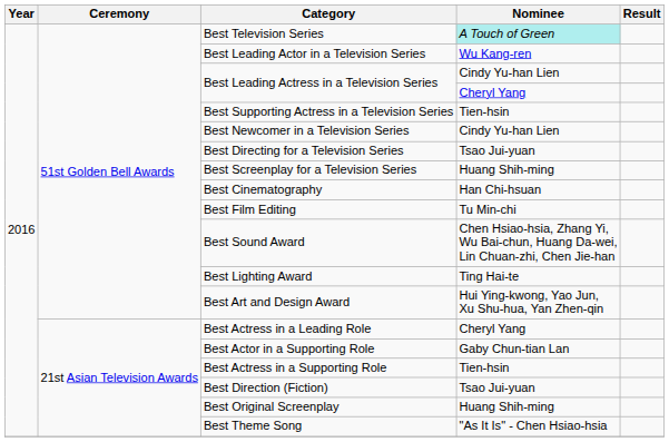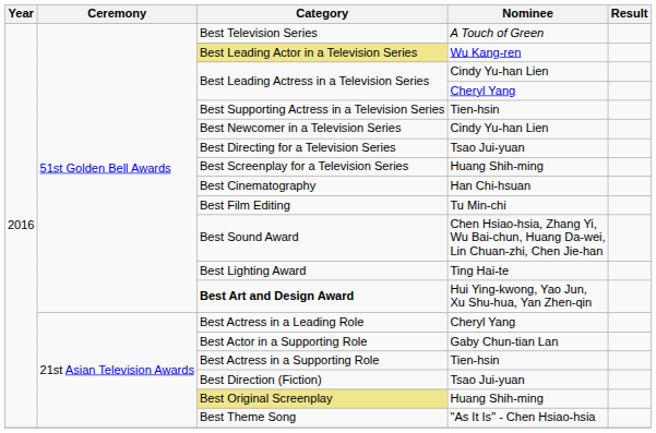 <table class="wikitable sortable">
 <tr>
 <th>Year</th>
 <th>Ceremony</th>
 <th>Category</th>
 <th>Nominee</th>
 <th>Result</th>
 </tr>
 <tr>
 <td rowspan=19>2016</td>
 <td rowspan=13><a href='#'>51st Golden Bell Awards</a></td>
 <td>Best Television Series</td>
-<td style="background: paleturquoise;"><em>A Touch of Green</em></td>
+<td><em>A Touch of Green</em></td>
 <td></td>
 </tr>
 <tr>
-<td>Best Leading Actor in a Television Series</td>
+<td style="background: khaki;">Best Leading Actor in a Television Series</td>
 <td><a href='#'>Wu Kang-ren</a></td>
 <td></td>
 </tr>
 <tr>
 <td rowspan=2>Best Leading Actress in a Television Series</td>
 <td>Cindy Yu-han Lien</td>
 <td></td>
 </tr>
 <tr>
 <td><a href='#'>Cheryl Yang</a></td>
 <td></td>
 </tr>
 <tr>
 <td>Best Supporting Actress in a Television Series</td>
 <td>Tien-hsin</td>
 <td></td>
 </tr>
 <tr>
 <td>Best Newcomer in a Television Series</td>
 <td>Cindy Yu-han Lien</td>
 <td></td>
 </tr>
 <tr>
 <td>Best Directing for a Television Series</td>
 <td>Tsao Jui-yuan</td>
 <td></td>
 </tr>
 <tr>
 <td>Best Screenplay for a Television Series</td>
 <td>Huang Shih-ming</td>
 <td></td>
 </tr>
 <tr>
 <td>Best Cinematography</td>
 <td>Han Chi-hsuan</td>
 <td></td>
 </tr>
 <tr>
 <td>Best Film Editing</td>
 <td>Tu Min-chi</td>
 <td></td>
 </tr>
 <tr>
 <td>Best Sound Award</td>
 <td>Chen Hsiao-hsia, Zhang Yi,<br>Wu Bai-chun, Huang Da-wei,<br>Lin Chuan-zhi, Chen Jie-han</td>
 <td></td>
 </tr>
 <tr>
 <td>Best Lighting Award</td>
 <td>Ting Hai-te</td>
 <td></td>
 </tr>
 <tr>
-<td>Best Art and Design Award</td>
+<td><strong>Best Art and Design Award</strong></td>
 <td>Hui Ying-kwong, Yao Jun,<br>Xu Shu-hua, Yan Zhen-qin</td>
 <td></td>
 </tr>
 <tr>
 <td rowspan=6>21st <a href='#'>Asian Television Awards</a></td>
 <td>Best Actress in a Leading Role</td>
 <td>Cheryl Yang</td>
 <td></td>
 </tr>
 <tr>
 <td>Best Actor in a Supporting Role</td>
 <td>Gaby Chun-tian Lan</td>
 <td></td>
 </tr>
 <tr>
 <td>Best Actress in a Supporting Role</td>
 <td>Tien-hsin</td>
 <td></td>
 </tr>
 <tr>
 <td>Best Direction (Fiction)</td>
 <td>Tsao Jui-yuan</td>
 <td></td>
 </tr>
 <tr>
-<td>Best Original Screenplay</td>
+<td style="background: khaki;">Best Original Screenplay</td>
 <td>Huang Shih-ming</td>
 <td></td>
 </tr>
 <tr>
 <td>Best Theme Song</td>
 <td>"As It Is" - Chen Hsiao-hsia</td>
 <td></td>
 </tr>
 <tr>
 </tr>
 </table>
